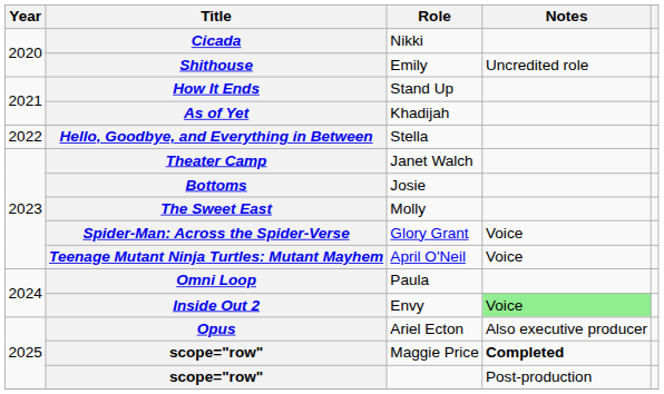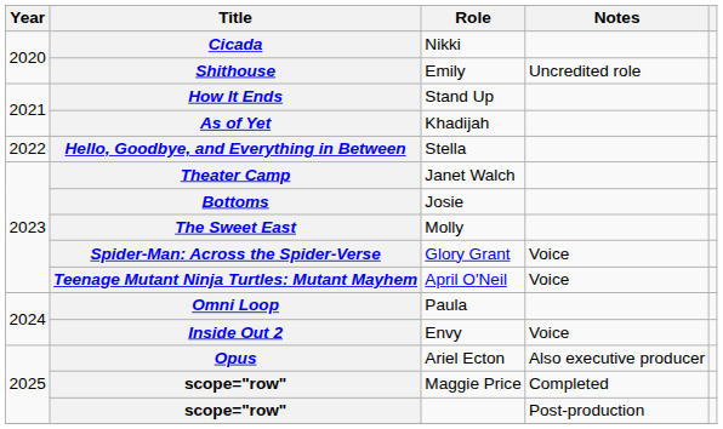 <table class="wikitable sortable plainrowheaders">
 <tr>
 <th scope="col">Year</th>
 <th scope="col">Title</th>
 <th scope="col">Role</th>
 <th class="unsortable" scope="col">Notes</th>
 <th class="unsortable" scope="col"></th>
 </tr>
 <tr>
 <td rowspan="2">2020</td>
 <th scope="row"><a href='#'><em>Cicada</em></a></th>
 <td>Nikki</td>
 <td></td>
 <td></td>
 </tr>
 <tr>
 <th scope="row"><a href='#'><em>Shithouse</em></a></th>
 <td>Emily</td>
 <td>Uncredited role</td>
 <td></td>
 </tr>
 <tr>
 <td rowspan="2">2021</td>
 <th scope="row"><a href='#'><em>How It Ends</em></a></th>
 <td>Stand Up</td>
 <td></td>
 <td></td>
 </tr>
 <tr>
 <th scope="row"><em><a href='#'>As of Yet</a></em></th>
 <td>Khadijah</td>
 <td></td>
 <td></td>
 </tr>
 <tr>
 <td>2022</td>
 <th scope="row"><em><a href='#'>Hello, Goodbye, and Everything in Between</a></em></th>
 <td>Stella</td>
 <td></td>
 <td></td>
 </tr>
 <tr>
 <td rowspan="5">2023</td>
 <th scope="row"><em><a href='#'>Theater Camp</a></em></th>
 <td>Janet Walch</td>
 <td></td>
 <td></td>
 </tr>
 <tr>
 <th scope="row"><em><a href='#'>Bottoms</a></em></th>
 <td>Josie</td>
 <td></td>
 <td></td>
 </tr>
 <tr>
 <th scope="row"><em><a href='#'>The Sweet East</a></em></th>
 <td>Molly</td>
 <td></td>
 <td></td>
 </tr>
 <tr>
 <th scope="row"><em><a href='#'>Spider-Man: Across the Spider-Verse</a></em></th>
 <td><a href='#'>Glory Grant</a></td>
 <td>Voice</td>
 <td></td>
 </tr>
 <tr>
 <th scope="row"><em><a href='#'>Teenage Mutant Ninja Turtles: Mutant Mayhem</a></em></th>
 <td><a href='#'>April O'Neil</a></td>
 <td>Voice</td>
 <td></td>
 </tr>
 <tr>
 <td rowspan="2">2024</td>
 <th scope="row"><em><a href='#'>Omni Loop</a></em></th>
 <td>Paula</td>
 <td></td>
 <td></td>
 </tr>
 <tr>
 <th scope="row"><em><a href='#'>Inside Out 2</a></em></th>
 <td>Envy</td>
-<td style="background: lightgreen;">Voice</td>
+<td>Voice</td>
 <td></td>
 </tr>
 <tr>
 <td rowspan="3">2025</td>
 <th scope="row"><em><a href='#'>Opus</a></em></th>
 <td>Ariel Ecton</td>
 <td>Also executive producer</td>
 <td></td>
 </tr>
 <tr>
 <th>scope="row" </th>
 <td>Maggie Price</td>
-<td><strong>Completed</strong></td>
+<td>Completed</td>
 <td></td>
 </tr>
 <tr>
 <th>scope="row" </th>
 <td></td>
 <td>Post-production</td>
 <td></td>
 </tr>
 <tr>
 </tr>
 </table>
